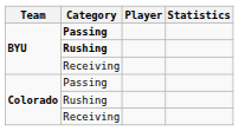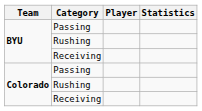 <table class="wikitable" style="float: right;">
 <tr>
 <th>Team</th>
 <th>Category</th>
 <th>Player</th>
 <th>Statistics</th>
 </tr>
 <tr>
 <td rowspan=3><strong>BYU</strong></td>
-<td><strong>Passing</strong></td>
+<td>Passing</td>
 <td></td>
 <td></td>
 </tr>
 <tr>
-<td><strong>Rushing</strong></td>
+<td>Rushing</td>
 <td></td>
 <td></td>
 </tr>
 <tr>
 <td>Receiving</td>
 <td></td>
 <td></td>
 </tr>
 <tr>
 <td rowspan=3><strong>Colorado</strong></td>
 <td>Passing</td>
 <td></td>
 <td></td>
 </tr>
 <tr>
 <td>Rushing</td>
 <td></td>
 <td></td>
 </tr>
 <tr>
 <td>Receiving</td>
 <td></td>
 <td></td>
 </tr>
 </table>
